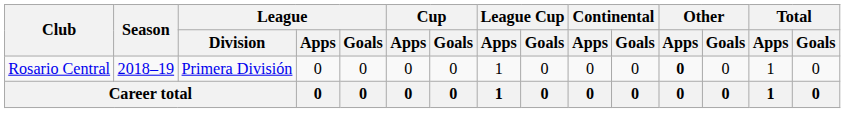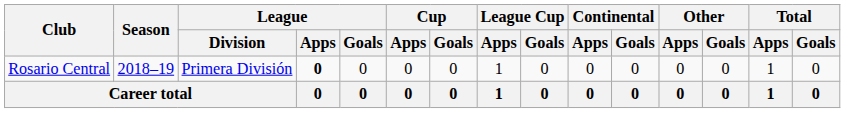 <table class="wikitable" style="text-align:center">
 <tr>
 <th rowspan="2">Club</th>
 <th rowspan="2">Season</th>
 <th colspan="3">League</th>
 <th colspan="2">Cup</th>
 <th colspan="2">League Cup</th>
 <th colspan="2">Continental</th>
 <th colspan="2">Other</th>
 <th colspan="2">Total</th>
 </tr>
 <tr>
 <th>Division</th>
 <th>Apps</th>
 <th>Goals</th>
 <th>Apps</th>
 <th>Goals</th>
 <th>Apps</th>
 <th>Goals</th>
 <th>Apps</th>
 <th>Goals</th>
 <th>Apps</th>
 <th>Goals</th>
 <th>Apps</th>
 <th>Goals</th>
 </tr>
 <tr>
 <td rowspan="1"><a href='#'>Rosario Central</a></td>
 <td><a href='#'>2018–19</a></td>
 <td rowspan="1"><a href='#'>Primera División</a></td>
-<td>0</td>
+<td><strong>0</strong></td>
 <td>0</td>
 <td>0</td>
 <td>0</td>
 <td>1</td>
 <td>0</td>
 <td>0</td>
 <td>0</td>
-<td><strong>0</strong></td>
+<td>0</td>
 <td>0</td>
 <td>1</td>
 <td>0</td>
 </tr>
 <tr>
 <th colspan="3">Career total</th>
 <th>0</th>
 <th>0</th>
 <th>0</th>
 <th>0</th>
 <th>1</th>
 <th>0</th>
 <th>0</th>
 <th>0</th>
 <th>0</th>
 <th>0</th>
 <th>1</th>
 <th>0</th>
 </tr>
 </table>
